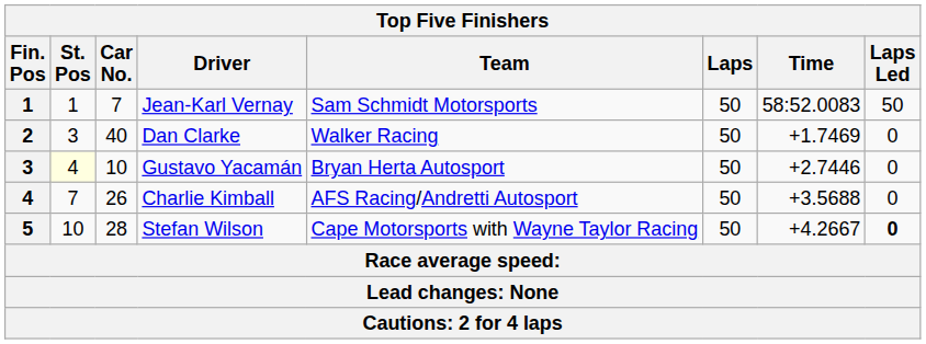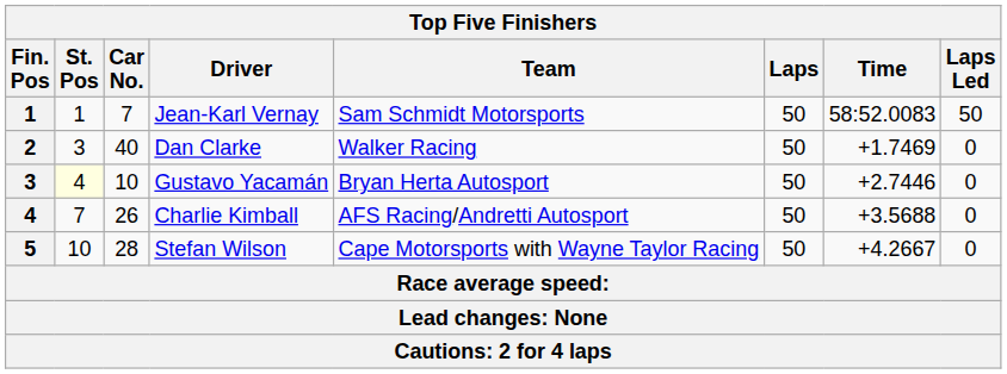 <table class="wikitable" style="font-size:95%;">
 <tr>
 <th colspan=9>Top Five Finishers</th>
 </tr>
 <tr>
 <th>Fin.<br>Pos</th>
 <th>St.<br>Pos</th>
 <th>Car<br>No.</th>
 <th>Driver</th>
 <th>Team</th>
 <th>Laps</th>
 <th>Time</th>
 <th>Laps<br>Led</th>
 </tr>
 <tr>
 <th>1</th>
 <td align=center>1</td>
 <td align=center>7</td>
 <td> <a href='#'>Jean-Karl Vernay</a></td>
 <td><a href='#'>Sam Schmidt Motorsports</a></td>
 <td align=center>50</td>
 <td align=right>58:52.0083</td>
 <td align=center>50</td>
 </tr>
 <tr>
 <th>2</th>
 <td align=center>3</td>
 <td align=center>40</td>
 <td> <a href='#'>Dan Clarke</a></td>
 <td><a href='#'>Walker Racing</a></td>
 <td align=center>50</td>
 <td align=right>+1.7469</td>
 <td align=center>0</td>
 </tr>
 <tr>
 <th>3</th>
 <td align=center style="background: lightyellow;">4</td>
 <td align=center>10</td>
 <td> <a href='#'>Gustavo Yacamán</a></td>
 <td><a href='#'>Bryan Herta Autosport</a></td>
 <td align=center>50</td>
 <td align=right>+2.7446</td>
 <td align=center>0</td>
 </tr>
 <tr>
 <th>4</th>
 <td align=center>7</td>
 <td align=center>26</td>
 <td> <a href='#'>Charlie Kimball</a></td>
 <td><a href='#'>AFS Racing</a>/<a href='#'>Andretti Autosport</a></td>
 <td align=center>50</td>
 <td align=right>+3.5688</td>
 <td align=center>0</td>
 </tr>
 <tr>
 <th>5</th>
 <td align=center>10</td>
 <td align=center>28</td>
 <td> <a href='#'>Stefan Wilson</a></td>
 <td><a href='#'>Cape Motorsports</a> with <a href='#'>Wayne Taylor Racing</a></td>
 <td align=center>50</td>
 <td align=right>+4.2667</td>
-<td align=center><strong>0</strong></td>
+<td align=center>0</td>
 </tr>
 <tr>
 <th colspan=9>Race average speed: </th>
 </tr>
 <tr>
 <th colspan=9>Lead changes: None</th>
 </tr>
 <tr>
 <th colspan=9>Cautions: 2 for 4 laps</th>
 </tr>
 </table>
